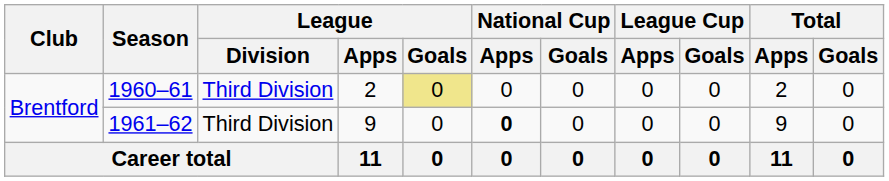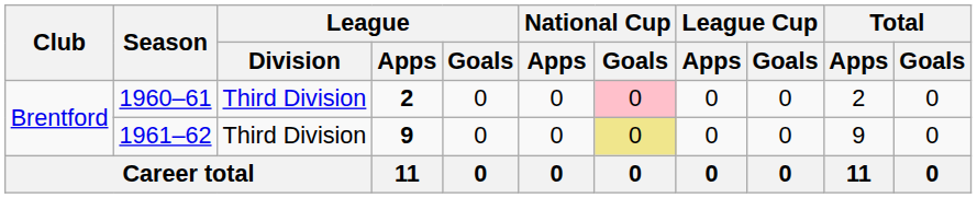 <table class="wikitable" style="text-align: center;">
 <tr>
 <th rowspan="2">Club</th>
 <th rowspan="2">Season</th>
 <th colspan="3">League</th>
 <th colspan="2">National Cup</th>
 <th colspan="2">League Cup</th>
 <th colspan="2">Total</th>
 </tr>
 <tr>
 <th>Division</th>
 <th>Apps</th>
 <th>Goals</th>
 <th>Apps</th>
 <th>Goals</th>
 <th>Apps</th>
 <th>Goals</th>
 <th>Apps</th>
 <th>Goals</th>
 </tr>
 <tr>
 <td rowspan="2"><a href='#'>Brentford</a></td>
 <td><a href='#'>1960–61</a></td>
 <td><a href='#'>Third Division</a></td>
-<td>2</td>
-<td style="background: khaki;">0</td>
+<td><strong>2</strong></td>
 <td>0</td>
 <td>0</td>
+<td style="background: pink;">0</td>
 <td>0</td>
 <td>0</td>
 <td>2</td>
 <td>0</td>
 </tr>
 <tr>
 <td><a href='#'>1961–62</a></td>
 <td>Third Division</td>
-<td>9</td>
+<td><strong>9</strong></td>
 <td>0</td>
-<td><strong>0</strong></td>
 <td>0</td>
+<td style="background: khaki;">0</td>
 <td>0</td>
 <td>0</td>
 <td>9</td>
 <td>0</td>
 </tr>
 <tr>
 <th colspan="3">Career total</th>
 <th>11</th>
 <th>0</th>
 <th>0</th>
 <th>0</th>
 <th>0</th>
 <th>0</th>
 <th>11</th>
 <th>0</th>
 </tr>
 </table>
